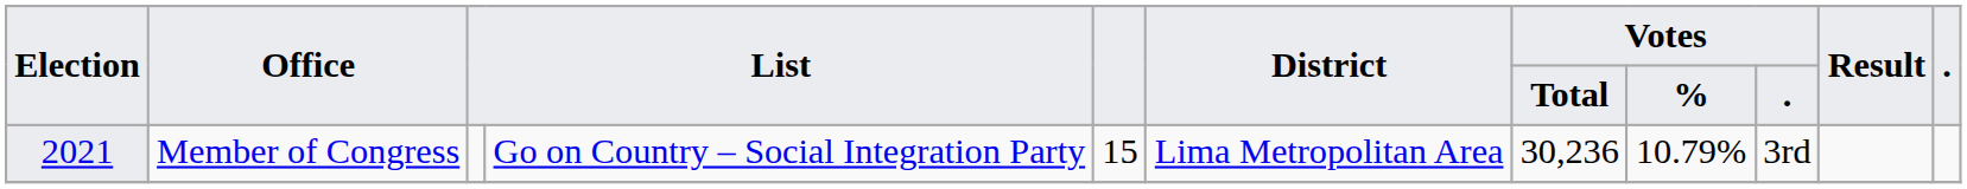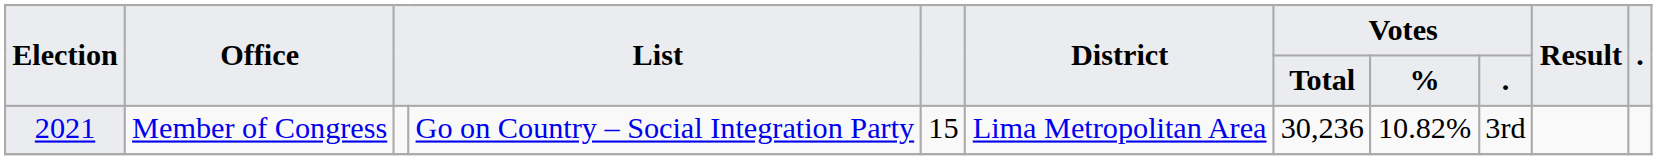 <table class="wikitable" style="font-size:90%; text-align:center;">
 <tr>
 <th style="background-color:#EAECF0;" rowspan=2>Election</th>
 <th style="background-color:#EAECF0;" rowspan=2>Office</th>
 <th style="background-color:#EAECF0;" colspan=2 rowspan=2>List</th>
 <th style="background-color:#EAECF0;" rowspan=2></th>
 <th style="background-color:#EAECF0;" rowspan=2>District</th>
 <th style="background-color:#EAECF0;" colspan=3>Votes</th>
 <th style="background-color:#EAECF0;" rowspan=2>Result</th>
 <th style="background-color:#EAECF0;" rowspan=2>.</th>
 </tr>
 <tr>
 <th style="background-color:#EAECF0;">Total</th>
 <th style="background-color:#EAECF0;">%</th>
 <th style="background-color:#EAECF0;">.</th>
 </tr>
 <tr>
 <td style="background-color:#EAECF0;"><a href='#'>2021</a></td>
 <td><a href='#'>Member of Congress</a></td>
 <td style="background-color:"></td>
 <td><a href='#'>Go on Country – Social Integration Party</a></td>
 <td>15</td>
 <td><a href='#'>Lima Metropolitan Area</a></td>
 <td>30,236</td>
-<td>10.79%</td>
+<td>10.82%</td>
 <td>3rd</td>
 <td></td>
 <td></td>
 </tr>
 <tr>
 </tr>
 </table>
